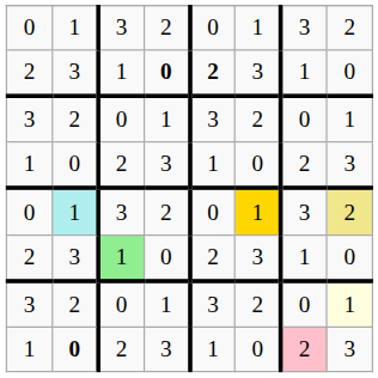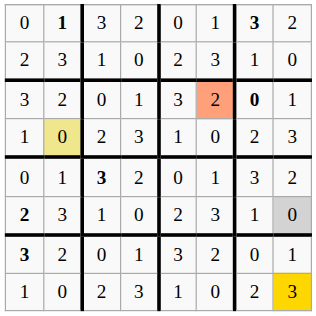 <table class="wikitable" style="margin-left:auto;margin-right:auto;text-align:center;width:16em;height:16em;table-layout:fixed;">
 <tr>
 </tr>
 <tr>
 <td>0</td>
-<td style="border-right:solid">1</td>
+<td style="border-right:solid"><strong>1</strong></td>
 <td>3</td>
 <td style="border-right:solid">2</td>
 <td>0</td>
 <td style="border-right:solid">1</td>
-<td>3</td>
+<td><strong>3</strong></td>
 <td>2</td>
 </tr>
 <tr>
 <td>2</td>
 <td style="border-right:solid">3</td>
 <td>1</td>
-<td style="border-right:solid"><strong>0</strong></td>
-<td><strong>2</strong></td>
+<td style="border-right:solid">0</td>
+<td>2</td>
 <td style="border-right:solid">3</td>
 <td>1</td>
 <td>0</td>
 </tr>
 <tr>
 <td style="border-top:solid">3</td>
 <td style="border-right:solid; border-top:solid">2</td>
+<td style="border-top:solid">0</td>
+<td style="border-right:solid; border-top:solid">1</td>
+<td style="border-top:solid">3</td>
+<td style="background: lightsalmon; border-top:solid; border-right:solid">2</td>
+<td style="border-top:solid"><strong>0</strong></td>
+<td style="border-top:solid">1</td>
+</tr>
+<tr>
+<td>1</td>
+<td style="background: khaki; border-right:solid">0</td>
+<td>2</td>
+<td style="border-right:solid">3</td>
+<td>1</td>
+<td style="border-right:solid">0</td>
+<td>2</td>
+<td>3</td>
+</tr>
+<tr>
+<td style="border-top:solid">0</td>
+<td style="border-right:solid; border-top:solid ">1</td>
+<td style="border-top:solid"><strong>3</strong></td>
+<td style="border-right:solid; border-top:solid">2</td>
+<td style="border-top:solid">0</td>
+<td style="border-top:solid; border-right:solid">1</td>
+<td style="border-top:solid">3</td>
+<td style="border-top:solid">2</td>
+</tr>
+<tr>
+<td><strong>2</strong></td>
+<td style="border-right:solid">3</td>
+<td>1</td>
+<td style="border-right:solid">0</td>
+<td>2</td>
+<td style="border-right:solid">3</td>
+<td>1</td>
+<td style="background: lightgrey;">0</td>
+</tr>
+<tr>
+<td style="border-top:solid"><strong>3</strong></td>
+<td style="border-right:solid; border-top:solid ">2</td>
 <td style="border-top:solid">0</td>
 <td style="border-right:solid; border-top:solid">1</td>
 <td style="border-top:solid">3</td>
 <td style="border-top:solid; border-right:solid">2</td>
 <td style="border-top:solid">0</td>
 <td style="border-top:solid">1</td>
 </tr>
 <tr>
 <td>1</td>
 <td style="border-right:solid">0</td>
 <td>2</td>
 <td style="border-right:solid">3</td>
 <td>1</td>
 <td style="border-right:solid">0</td>
 <td>2</td>
-<td>3</td>
-</tr>
-<tr>
-<td style="border-top:solid">0</td>
-<td style="background: paleturquoise; border-right:solid; border-top:solid ">1</td>
-<td style="border-top:solid">3</td>
-<td style="border-right:solid; border-top:solid">2</td>
-<td style="border-top:solid">0</td>
-<td style="background: gold; border-top:solid; border-right:solid">1</td>
-<td style="border-top:solid">3</td>
-<td style="background: khaki; border-top:solid">2</td>
-</tr>
-<tr>
-<td>2</td>
-<td style="border-right:solid">3</td>
-<td style="background: lightgreen;">1</td>
-<td style="border-right:solid">0</td>
-<td>2</td>
-<td style="border-right:solid">3</td>
-<td>1</td>
-<td>0</td>
-</tr>
-<tr>
-<td style="border-top:solid">3</td>
-<td style="border-right:solid; border-top:solid ">2</td>
-<td style="border-top:solid">0</td>
-<td style="border-right:solid; border-top:solid">1</td>
-<td style="border-top:solid">3</td>
-<td style="border-top:solid; border-right:solid">2</td>
-<td style="border-top:solid">0</td>
-<td style="background: lightyellow; border-top:solid">1</td>
-</tr>
-<tr>
-<td>1</td>
-<td style="border-right:solid"><strong>0</strong></td>
-<td>2</td>
-<td style="border-right:solid">3</td>
-<td>1</td>
-<td style="border-right:solid">0</td>
-<td style="background: pink;">2</td>
-<td>3</td>
+<td style="background: gold;">3</td>
 </tr>
 </table>
